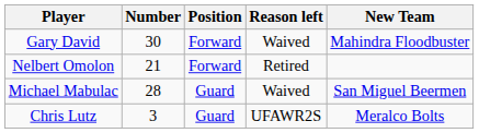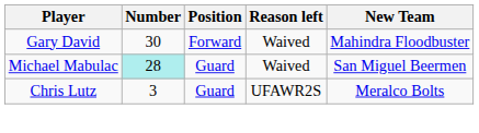 <table class="wikitable sortable sortable">
 <tr>
 <th>Player</th>
 <th>Number</th>
 <th>Position</th>
 <th>Reason left</th>
 <th>New Team</th>
 </tr>
 <tr style="text-align: center">
 <td><a href='#'>Gary David</a></td>
 <td>30</td>
 <td><a href='#'>Forward</a></td>
 <td>Waived</td>
 <td><a href='#'>Mahindra Floodbuster</a></td>
 </tr>
 <tr style="text-align: center">
-<td><a href='#'>Nelbert Omolon</a></td>
-<td>21</td>
-<td><a href='#'>Forward</a></td>
-<td>Retired</td>
-<td></td>
-</tr>
-<tr style="text-align: center">
 <td><a href='#'>Michael Mabulac</a></td>
-<td>28</td>
+<td style="background: paleturquoise;">28</td>
 <td><a href='#'>Guard</a></td>
 <td>Waived</td>
 <td><a href='#'>San Miguel Beermen</a></td>
 </tr>
 <tr style="text-align: center">
 <td><a href='#'>Chris Lutz</a></td>
 <td>3</td>
 <td><a href='#'>Guard</a></td>
 <td>UFAWR2S</td>
 <td><a href='#'>Meralco Bolts</a></td>
 </tr>
 </table>
